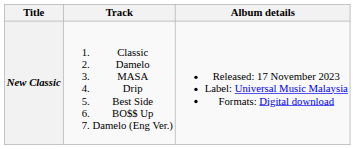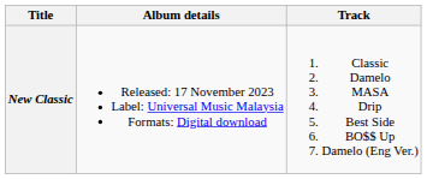 <table class="wikitable plainrowheaders" style="text-align:center;">
 <tr>
 <th>Title</th>
+<th>Album details</th>
 <th>Track</th>
-<th>Album details</th>
 </tr>
 <tr>
 <th scope="row"><em>New Classic</em></th>
+<td><br><ul><li>Released: 17 November 2023</li><li>Label: <a href='#'>Universal Music Malaysia</a></li><li>Formats: <a href='#'>Digital download</a></li></ul></td>
 <td><br><ol><li>Classic</li><li>Damelo</li><li>MASA</li><li>Drip</li><li>Best Side</li><li>BO$$ Up</li><li>Damelo (Eng Ver.)</li></ol></td>
-<td><br><ul><li>Released: 17 November 2023</li><li>Label: <a href='#'>Universal Music Malaysia</a></li><li>Formats: <a href='#'>Digital download</a></li></ul></td>
 </tr>
 </table>
